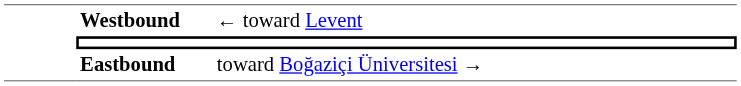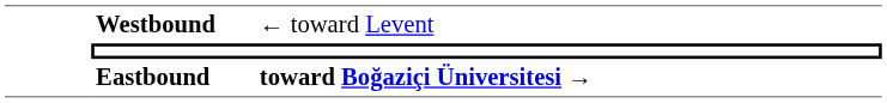 <table table border=0 cellspacing=0 cellpadding=3>
 <tr>
 <td style="border-top:solid 1px gray;border-bottom:solid 1px gray;" width=50 rowspan=3 valign=top></td>
 <td style="border-top:solid 1px gray;" width=100><strong>Westbound</strong></td>
 <td style="border-top:solid 1px gray;" width=400>←  toward <a href='#'>Levent</a></td>
 </tr>
 <tr>
 <td style="border-top:solid 2px black;border-right:solid 2px black;border-left:solid 2px black;border-bottom:solid 2px black;text-align:center;" colspan=2></td>
 </tr>
 <tr>
 <td style="border-bottom:solid 1px gray;"><strong>Eastbound</strong></td>
-<td style="border-bottom:solid 1px gray;"> toward <a href='#'>Boğaziçi Üniversitesi</a>  →</td>
+<td style="border-bottom:solid 1px gray;"><strong> toward <a href='#'>Boğaziçi Üniversitesi</a>  →</strong></td>
 </tr>
 </table>
